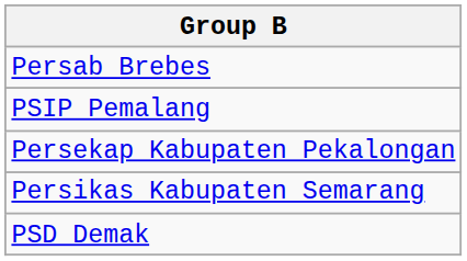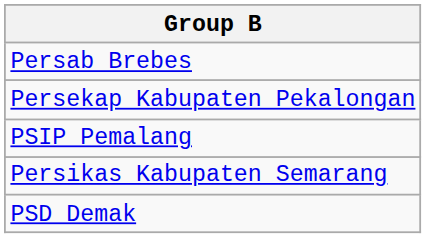 <table class="wikitable">
 <tr>
 <th>Group B</th>
 </tr>
 <tr>
 <td><a href='#'>Persab Brebes</a></td>
 </tr>
 <tr>
-<td><a href='#'>PSIP Pemalang</a></td>
+<td><a href='#'>Persekap Kabupaten Pekalongan</a></td>
 </tr>
 <tr>
-<td><a href='#'>Persekap Kabupaten Pekalongan</a></td>
+<td><a href='#'>PSIP Pemalang</a></td>
 </tr>
 <tr>
 <td><a href='#'>Persikas Kabupaten Semarang</a></td>
 </tr>
 <tr>
 <td><a href='#'>PSD Demak</a></td>
 </tr>
 </table>
